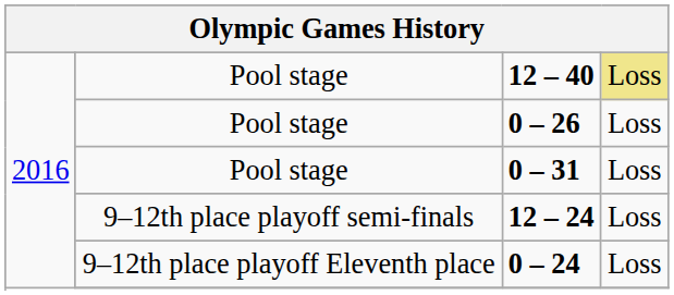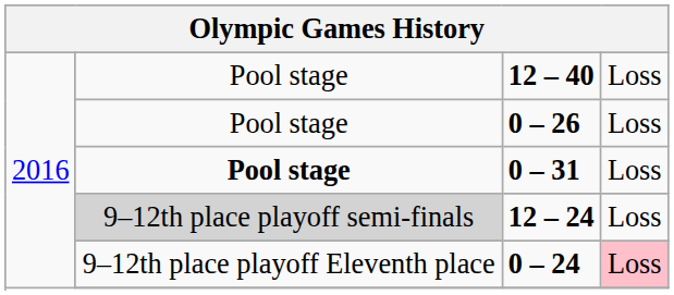 <table class="wikitable" style="text-align: center;font-size:95%;">
 <tr>
 <th colspan=4>Olympic Games History</th>
 </tr>
 <tr>
 <td rowspan=6><a href='#'>2016</a></td>
 <td>Pool stage</td>
 <td align="left"> <strong>12 – 40</strong> </td>
-<td style="background: khaki;">Loss</td>
+<td>Loss</td>
 </tr>
 <tr>
 <td>Pool stage</td>
 <td align="left"> <strong>0 – 26</strong> </td>
 <td>Loss</td>
 </tr>
 <tr>
-<td>Pool stage</td>
+<td><strong>Pool stage</strong></td>
 <td align="left"> <strong>0 – 31</strong> </td>
 <td>Loss</td>
 </tr>
 <tr>
-<td>9–12th place playoff semi-finals</td>
+<td style="background: lightgrey;">9–12th place playoff semi-finals</td>
 <td align="left"> <strong>12 – 24</strong> </td>
 <td>Loss</td>
 </tr>
 <tr>
 <td>9–12th place playoff Eleventh place</td>
 <td align="left"> <strong>0 – 24</strong> </td>
-<td>Loss</td>
+<td style="background: pink;">Loss</td>
 </tr>
 <tr>
 </tr>
 </table>
